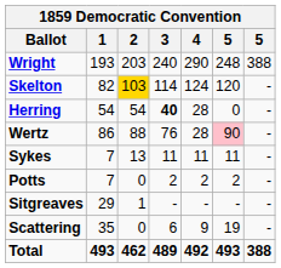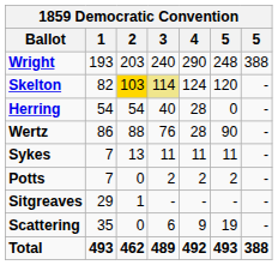 <table class="wikitable" style="text-align:right;">
 <tr>
 <th colspan="7">1859 Democratic Convention</th>
 </tr>
 <tr>
 <th>Ballot</th>
 <th>1</th>
 <th>2</th>
 <th>3</th>
 <th>4</th>
 <th>5</th>
 <th>5</th>
 </tr>
 <tr>
 <td align=left><strong><a href='#'>Wright</a></strong></td>
 <td>193</td>
 <td>203</td>
 <td>240</td>
 <td>290</td>
 <td>248</td>
 <td>388</td>
 </tr>
 <tr>
 <td align=left><strong><a href='#'>Skelton</a></strong></td>
 <td>82</td>
 <td style="background: gold;">103</td>
-<td>114</td>
+<td style="background: khaki;">114</td>
 <td>124</td>
 <td>120</td>
 <td>-</td>
 </tr>
 <tr>
 <td align=left><strong><a href='#'>Herring</a></strong></td>
 <td>54</td>
 <td>54</td>
-<td><strong>40</strong></td>
+<td>40</td>
 <td>28</td>
 <td>0</td>
 <td>-</td>
 </tr>
 <tr>
 <td align=left><strong>Wertz</strong></td>
 <td>86</td>
 <td>88</td>
 <td>76</td>
 <td>28</td>
-<td style="background: pink;">90</td>
+<td>90</td>
 <td>-</td>
 </tr>
 <tr>
 <td align=left><strong>Sykes</strong></td>
 <td>7</td>
 <td>13</td>
 <td>11</td>
 <td>11</td>
 <td>11</td>
 <td>-</td>
 </tr>
 <tr>
 <td align=left><strong>Potts</strong></td>
 <td>7</td>
 <td>0</td>
 <td>2</td>
 <td>2</td>
 <td>2</td>
 <td>-</td>
 </tr>
 <tr>
 <td align=left><strong>Sitgreaves</strong></td>
 <td>29</td>
 <td>1</td>
 <td>-</td>
 <td>-</td>
 <td>-</td>
 <td>-</td>
 </tr>
 <tr>
 <td align=left><strong>Scattering</strong></td>
 <td>35</td>
 <td>0</td>
 <td>6</td>
 <td>9</td>
 <td>19</td>
 <td>-</td>
 </tr>
 <tr>
 <td align=left><strong>Total</strong></td>
 <td><strong>493</strong></td>
 <td><strong>462</strong></td>
 <td><strong>489</strong></td>
 <td><strong>492</strong></td>
 <td><strong>493</strong></td>
 <td><strong>388</strong></td>
 </tr>
 </table>
